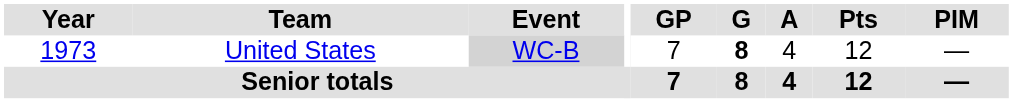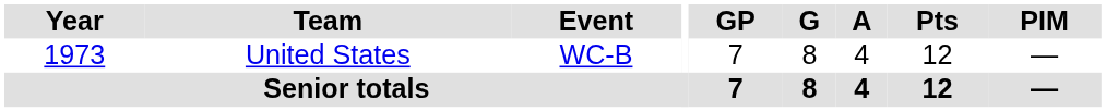 <table border="0" cellpadding="1" cellspacing="0" ID="Table3" style="text-align:center; width:40em">
 <tr bgcolor="#e0e0e0">
 <th>Year</th>
 <th>Team</th>
 <th>Event</th>
 <th rowspan="102" bgcolor="#ffffff"></th>
 <th>GP</th>
 <th>G</th>
 <th>A</th>
 <th>Pts</th>
 <th>PIM</th>
 </tr>
 <tr>
 <td><a href='#'>1973</a></td>
 <td><a href='#'>United States</a></td>
-<td style="background: lightgrey;"><a href='#'>WC-B</a></td>
+<td><a href='#'>WC-B</a></td>
 <td>7</td>
-<td><strong>8</strong></td>
+<td>8</td>
 <td>4</td>
 <td>12</td>
 <td>—</td>
 </tr>
 <tr bgcolor="#e0e0e0">
 <th colspan="4">Senior totals</th>
 <th>7</th>
 <th>8</th>
 <th>4</th>
 <th>12</th>
 <th>—</th>
 </tr>
 </table>
